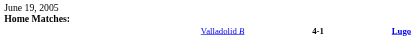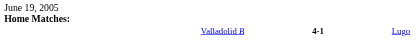 <table width=100% cellspacing=1>
 <tr>
 <th width=20%></th>
 <th width=12%></th>
 <th width=20%></th>
 <th></th>
 </tr>
 <tr>
 <td>June 19, 2005<br><strong>Home Matches:</strong></td>
 </tr>
 <tr style=font-size:90%>
 <td align=right><a href='#'>Valladolid <em>B</em></a></td>
 <td align=center><strong>4-1</strong></td>
-<td><strong><a href='#'>Lugo</a></strong></td>
+<td><a href='#'>Lugo</a></td>
 </tr>
 </table>
